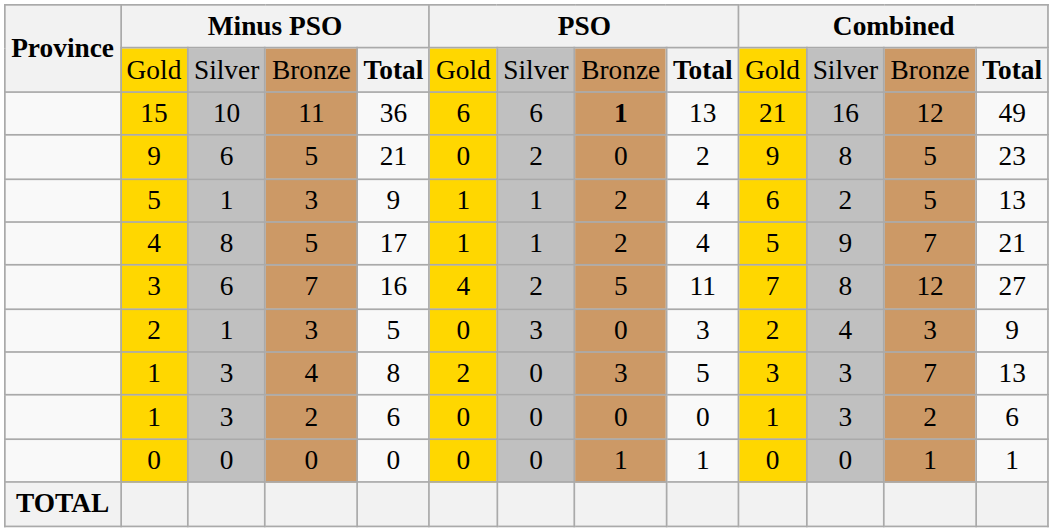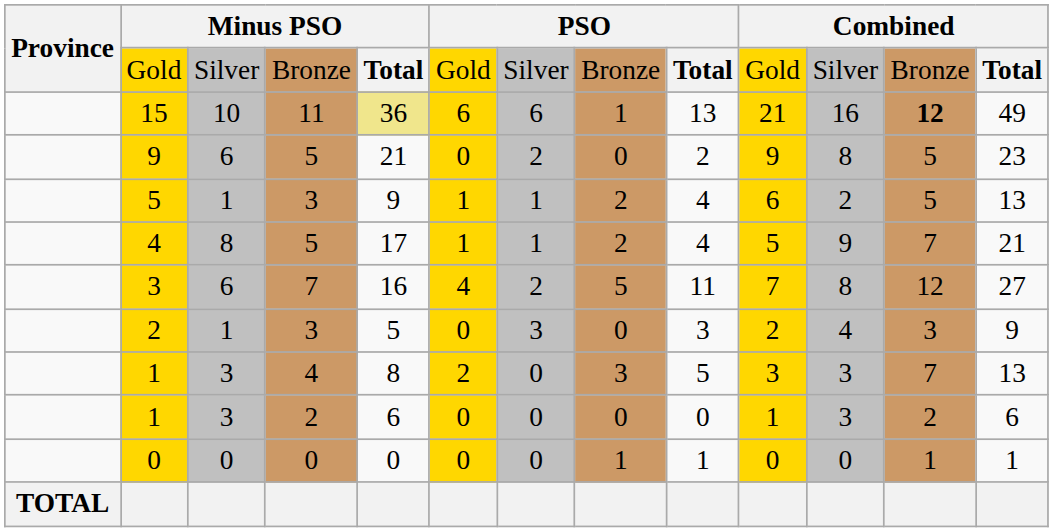 <table class="wikitable" style="text-align:center; font-size:100%">
 <tr>
 <th rowspan=2>Province</th>
 <th colspan=4>Minus PSO</th>
 <th colspan=4>PSO</th>
 <th colspan=4>Combined</th>
 </tr>
 <tr>
 <td bgcolor=gold>Gold</td>
 <td bgcolor=silver>Silver</td>
 <td bgcolor=CC9966>Bronze</td>
 <th>Total</th>
 <td bgcolor=gold>Gold</td>
 <td bgcolor=silver>Silver</td>
 <td bgcolor=CC9966>Bronze</td>
 <th>Total</th>
 <td bgcolor=gold>Gold</td>
 <td bgcolor=silver>Silver</td>
 <td bgcolor=CC9966>Bronze</td>
 <th>Total</th>
 </tr>
 <tr>
 <td></td>
 <td bgcolor=gold>15</td>
 <td bgcolor=silver>10</td>
 <td bgcolor=CC9966>11</td>
-<td>36</td>
+<td style="background: khaki;">36</td>
 <td bgcolor=gold>6</td>
 <td bgcolor=silver>6</td>
-<td bgcolor=CC9966><strong>1</strong></td>
+<td bgcolor=CC9966>1</td>
 <td>13</td>
 <td bgcolor=gold>21</td>
 <td bgcolor=silver>16</td>
-<td bgcolor=CC9966>12</td>
+<td bgcolor=CC9966><strong>12</strong></td>
 <td>49</td>
 </tr>
 <tr>
 <td></td>
 <td bgcolor=gold>9</td>
 <td bgcolor=silver>6</td>
 <td bgcolor=CC9966>5</td>
 <td>21</td>
 <td bgcolor=gold>0</td>
 <td bgcolor=silver>2</td>
 <td bgcolor=CC9966>0</td>
 <td>2</td>
 <td bgcolor=gold>9</td>
 <td bgcolor=silver>8</td>
 <td bgcolor=CC9966>5</td>
 <td>23</td>
 </tr>
 <tr>
 <td></td>
 <td bgcolor=gold>5</td>
 <td bgcolor=silver>1</td>
 <td bgcolor=CC9966>3</td>
 <td>9</td>
 <td bgcolor=gold>1</td>
 <td bgcolor=silver>1</td>
 <td bgcolor=CC9966>2</td>
 <td>4</td>
 <td bgcolor=gold>6</td>
 <td bgcolor=silver>2</td>
 <td bgcolor=CC9966>5</td>
 <td>13</td>
 </tr>
 <tr>
 <td></td>
 <td bgcolor=gold>4</td>
 <td bgcolor=silver>8</td>
 <td bgcolor=CC9966>5</td>
 <td>17</td>
 <td bgcolor=gold>1</td>
 <td bgcolor=silver>1</td>
 <td bgcolor=CC9966>2</td>
 <td>4</td>
 <td bgcolor=gold>5</td>
 <td bgcolor=silver>9</td>
 <td bgcolor=CC9966>7</td>
 <td>21</td>
 </tr>
 <tr>
 <td></td>
 <td bgcolor=gold>3</td>
 <td bgcolor=silver>6</td>
 <td bgcolor=CC9966>7</td>
 <td>16</td>
 <td bgcolor=gold>4</td>
 <td bgcolor=silver>2</td>
 <td bgcolor=CC9966>5</td>
 <td>11</td>
 <td bgcolor=gold>7</td>
 <td bgcolor=silver>8</td>
 <td bgcolor=CC9966>12</td>
 <td>27</td>
 </tr>
 <tr>
 <td></td>
 <td bgcolor=gold>2</td>
 <td bgcolor=silver>1</td>
 <td bgcolor=CC9966>3</td>
 <td>5</td>
 <td bgcolor=gold>0</td>
 <td bgcolor=silver>3</td>
 <td bgcolor=CC9966>0</td>
 <td>3</td>
 <td bgcolor=gold>2</td>
 <td bgcolor=silver>4</td>
 <td bgcolor=CC9966>3</td>
 <td>9</td>
 </tr>
 <tr>
 <td></td>
 <td bgcolor=gold>1</td>
 <td bgcolor=silver>3</td>
 <td bgcolor=CC9966>4</td>
 <td>8</td>
 <td bgcolor=gold>2</td>
 <td bgcolor=silver>0</td>
 <td bgcolor=CC9966>3</td>
 <td>5</td>
 <td bgcolor=gold>3</td>
 <td bgcolor=silver>3</td>
 <td bgcolor=CC9966>7</td>
 <td>13</td>
 </tr>
 <tr>
 <td></td>
 <td bgcolor=gold>1</td>
 <td bgcolor=silver>3</td>
 <td bgcolor=CC9966>2</td>
 <td>6</td>
 <td bgcolor=gold>0</td>
 <td bgcolor=silver>0</td>
 <td bgcolor=CC9966>0</td>
 <td>0</td>
 <td bgcolor=gold>1</td>
 <td bgcolor=silver>3</td>
 <td bgcolor=CC9966>2</td>
 <td>6</td>
 </tr>
 <tr>
 <td></td>
 <td bgcolor=gold>0</td>
 <td bgcolor=silver>0</td>
 <td bgcolor=CC9966>0</td>
 <td>0</td>
 <td bgcolor=gold>0</td>
 <td bgcolor=silver>0</td>
 <td bgcolor=CC9966>1</td>
 <td>1</td>
 <td bgcolor=gold>0</td>
 <td bgcolor=silver>0</td>
 <td bgcolor=CC9966>1</td>
 <td>1</td>
 </tr>
 <tr>
 <th>TOTAL</th>
 <th></th>
 <th></th>
 <th></th>
 <th></th>
 <th></th>
 <th></th>
 <th></th>
 <th></th>
 <th></th>
 <th></th>
 <th></th>
 <th></th>
 </tr>
 </table>
